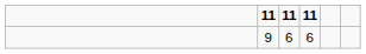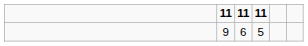 <table class="wikitable">
 <tr>
 <td style="width:18em"></td>
 <td align=center style="width:1em"><strong>11</strong></td>
 <td align=center style="width:1em"><strong>11</strong></td>
 <td align=center style="width:1em"><strong>11</strong></td>
 <td align=center style="width:1em"></td>
 <td align=center style="width:1em"></td>
 </tr>
 <tr>
 <td style="width:18em"></td>
 <td align=center style="width:1em">9</td>
 <td align=center style="width:1em">6</td>
-<td align=center style="width:1em">6</td>
+<td align=center style="width:1em">5</td>
 <td align=center style="width:1em"></td>
 <td align=center style="width:1em"></td>
 </tr>
 </table>
